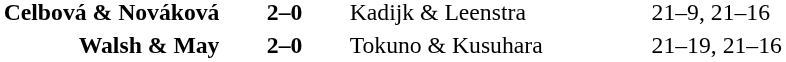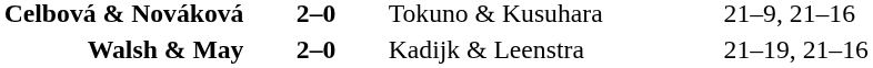 <table>
 <tr>
 <th width=200></th>
 <th width=80></th>
 <th width=200></th>
 <th width=220></th>
 </tr>
 <tr>
 <td align=right><strong>Celbová & Nováková</strong></td>
 <td align=center><strong>2–0</strong></td>
-<td align=left>Kadijk & Leenstra</td>
+<td align=left>Tokuno & Kusuhara</td>
 <td>21–9, 21–16</td>
 </tr>
 <tr>
 <td align=right><strong>Walsh & May</strong></td>
 <td align=center><strong>2–0</strong></td>
-<td align=left>Tokuno & Kusuhara</td>
+<td align=left>Kadijk & Leenstra</td>
 <td>21–19, 21–16</td>
 </tr>
 </table>
